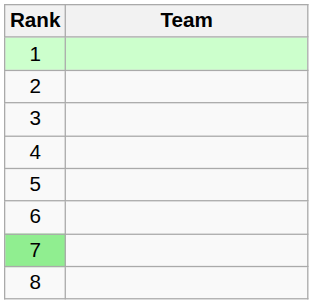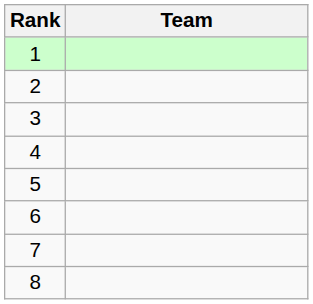 <table class="wikitable" style="text-align: center;">
 <tr>
 <th width=40>Rank</th>
 <th width=180>Team</th>
 </tr>
 <tr align=center bgcolor=#ccffcc>
 <td>1</td>
 <td style="text-align:left;"></td>
 </tr>
 <tr align=center>
 <td>2</td>
 <td style="text-align:left;"></td>
 </tr>
 <tr align=center>
 <td>3</td>
 <td style="text-align:left;"></td>
 </tr>
 <tr align=center>
 <td>4</td>
 <td style="text-align:left;"></td>
 </tr>
 <tr align=center>
 <td>5</td>
 <td style="text-align:left;"></td>
 </tr>
 <tr align=center>
 <td>6</td>
 <td style="text-align:left;"></td>
 </tr>
 <tr align=center>
-<td style="background: lightgreen;">7</td>
+<td>7</td>
 <td style="text-align:left;"></td>
 </tr>
 <tr align=center>
 <td>8</td>
 <td style="text-align:left;"></td>
 </tr>
 </table>
